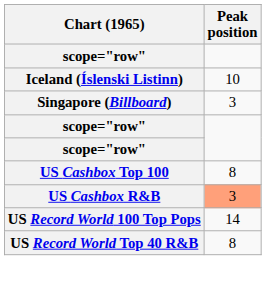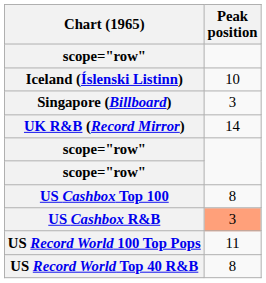 <table class="wikitable sortable plainrowheaders">
 <tr>
 <th scope="col">Chart (1965)</th>
 <th scope="col">Peak<br>position</th>
 </tr>
 <tr>
 <th>scope="row" </th>
 </tr>
 <tr>
 <th scope="row">Iceland (<a href='#'>Íslenski Listinn</a>)</th>
 <td style="text-align:center;">10</td>
 </tr>
 <tr>
 <th scope="row">Singapore (<a href='#'><em>Billboard</em></a>)</th>
 <td style="text-align:center;">3</td>
 </tr>
 <tr>
+<th scope="row"><a href='#'>UK R&B</a> (<em><a href='#'>Record Mirror</a></em>)</th>
+<td align="center">14</td>
+</tr>
+<tr>
 <th>scope="row" </th>
 </tr>
 <tr>
 <th>scope="row" </th>
 </tr>
 <tr>
 <th scope="row"><a href='#'>US <em>Cashbox</em> Top 100</a></th>
 <td style="text-align:center;">8</td>
 </tr>
 <tr>
 <th scope="row"><a href='#'>US <em>Cashbox</em> R&B</a></th>
 <td style="background: lightsalmon; text-align:center;">3</td>
 </tr>
 <tr>
 <th scope="row">US <a href='#'><em>Record World</em> 100 Top Pops</a></th>
-<td style="text-align:center;">14</td>
+<td style="text-align:center;">11</td>
 </tr>
 <tr>
 <th scope="row">US <a href='#'><em>Record World</em> Top 40 R&B</a></th>
 <td style="text-align:center;">8</td>
 </tr>
 </table>
